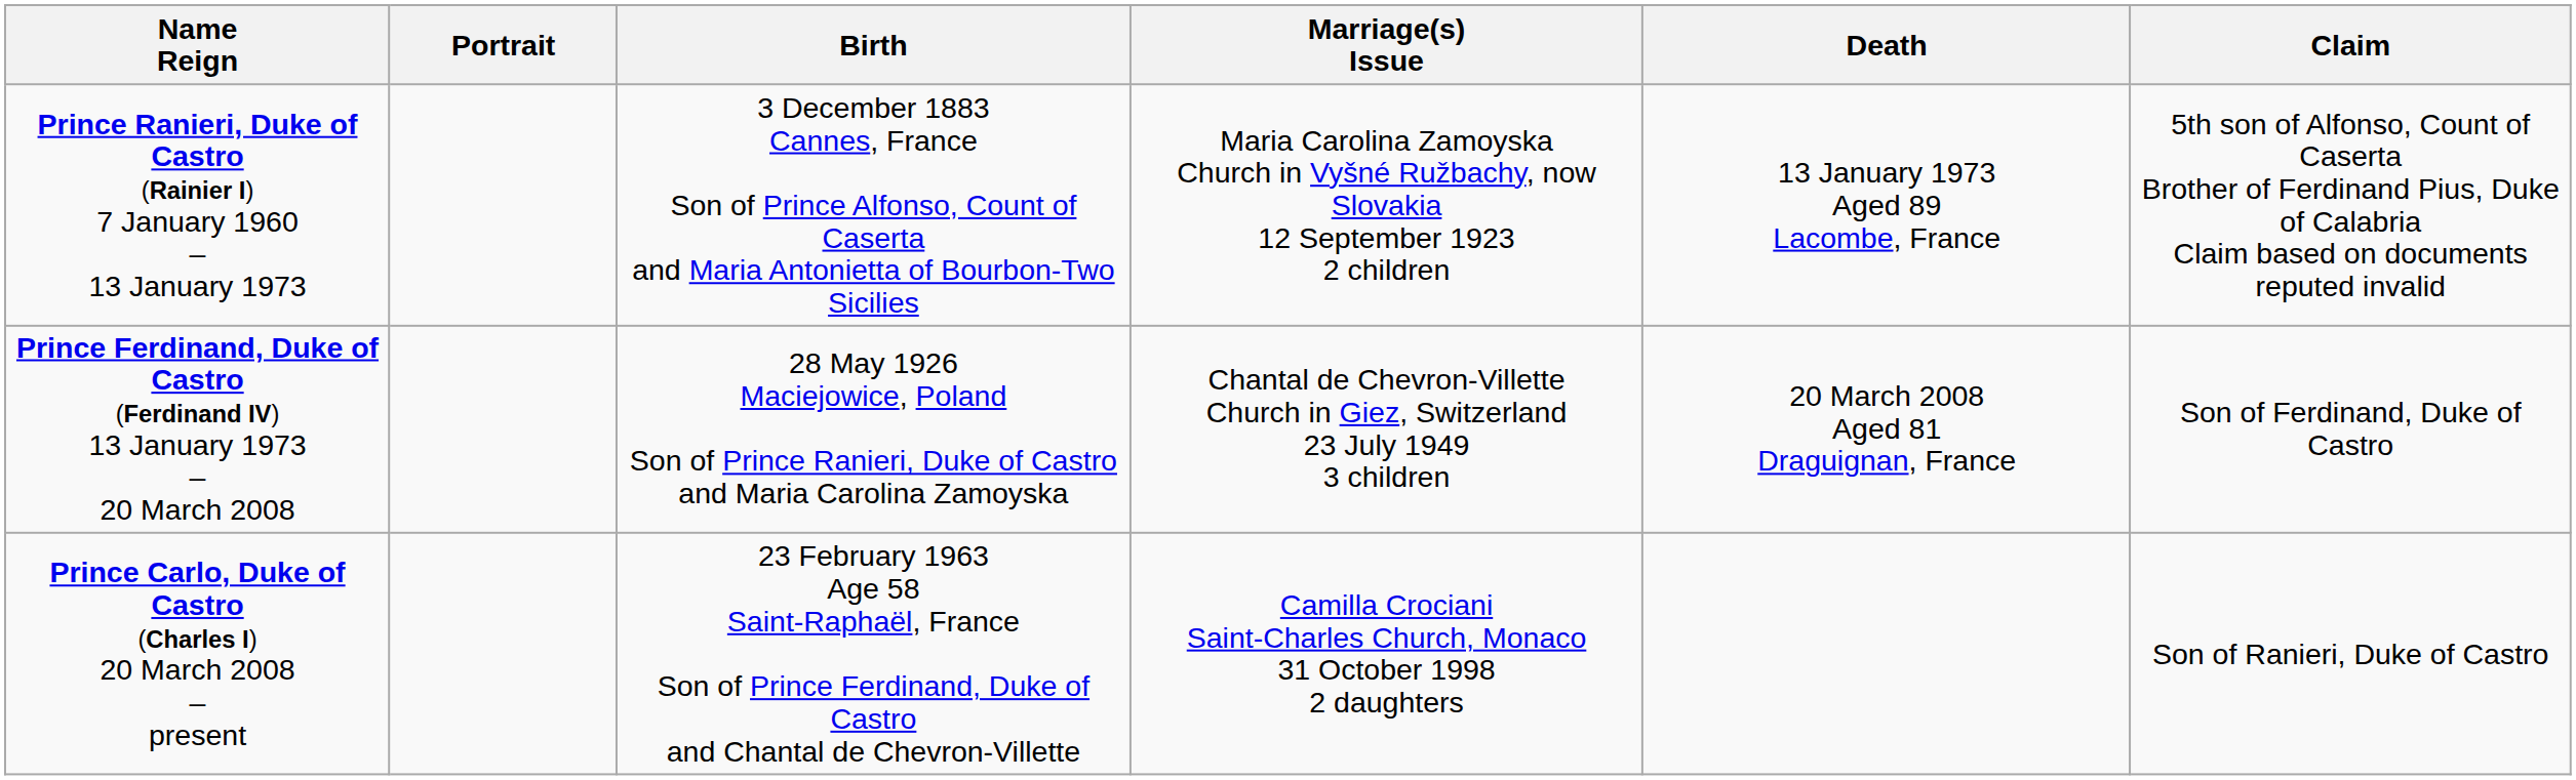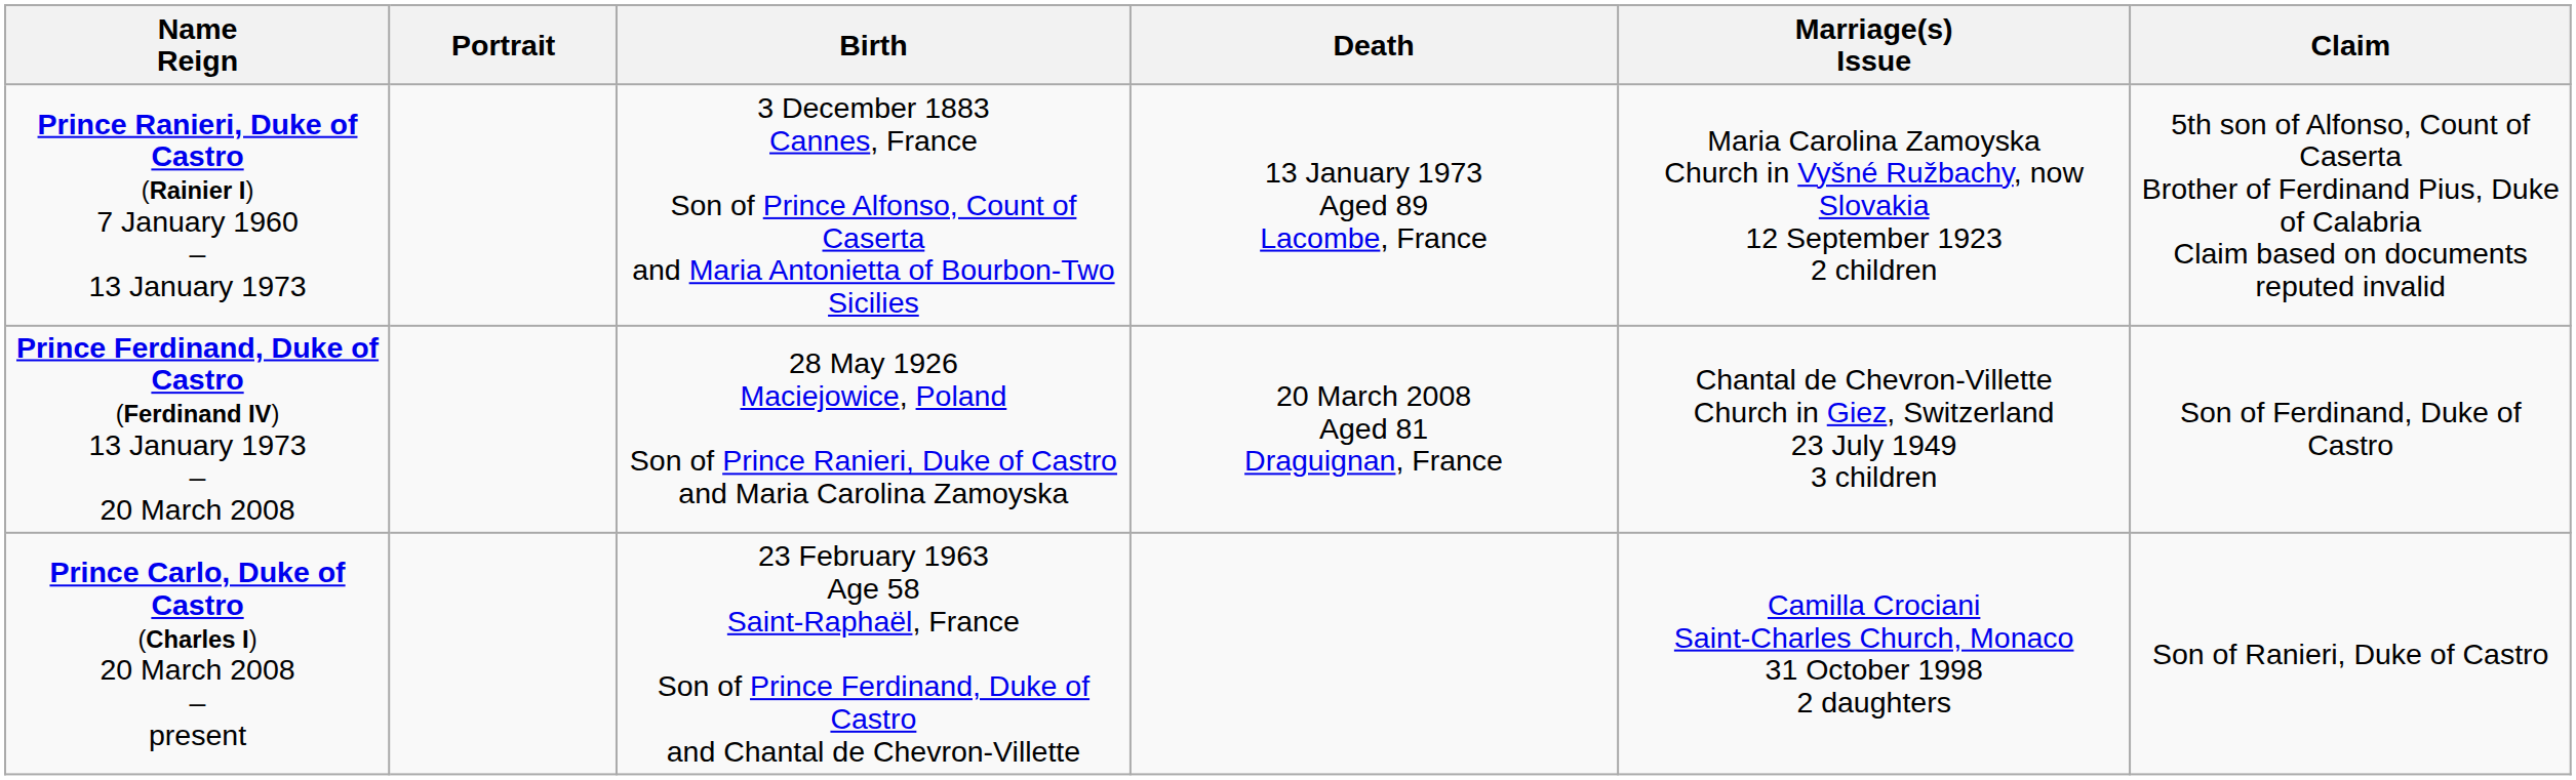 <table style="text-align:center; width:100%; font-size:90%" class="wikitable">
 <tr>
 <th width=15%>Name<br>Reign</th>
 <th width="105">Portrait</th>
 <th width=20%>Birth</th>
+<th width=19%>Death</th>
 <th width=20%>Marriage(s)<br>Issue</th>
-<th width=19%>Death</th>
 <th>Claim</th>
 </tr>
 <tr>
 <td><strong><a href='#'>Prince Ranieri, Duke of Castro</a></strong><br><small>(<strong>Rainier I</strong>)</small><br>7 January 1960<br>–<br>13 January 1973</td>
 <td></td>
 <td>3 December 1883<br><a href='#'>Cannes</a>, France<br><br>Son of <a href='#'>Prince Alfonso, Count of Caserta</a><br>and <a href='#'>Maria Antonietta of Bourbon-Two Sicilies</a></td>
+<td>13 January 1973<br>Aged 89<br><a href='#'>Lacombe</a>, France</td>
 <td>Maria Carolina Zamoyska<br>Church in <a href='#'>Vyšné Ružbachy</a>, now <a href='#'>Slovakia</a><br>12 September 1923<br>2 children</td>
-<td>13 January 1973<br>Aged 89<br><a href='#'>Lacombe</a>, France</td>
 <td>5th son of Alfonso, Count of Caserta<br>Brother of Ferdinand Pius, Duke of Calabria<br>Claim based on documents reputed invalid</td>
 </tr>
 <tr>
 <td><strong><a href='#'>Prince Ferdinand, Duke of Castro</a></strong><br><small>(<strong>Ferdinand IV</strong>)</small><br>13 January 1973<br>–<br>20 March 2008</td>
 <td></td>
 <td>28 May 1926<br><a href='#'>Maciejowice</a>, <a href='#'>Poland</a><br><br>Son of <a href='#'>Prince Ranieri, Duke of Castro</a><br>and Maria Carolina Zamoyska</td>
+<td>20 March 2008<br>Aged 81<br><a href='#'>Draguignan</a>, France</td>
 <td>Chantal de Chevron-Villette<br>Church in <a href='#'>Giez</a>, Switzerland<br>23 July 1949<br>3 children</td>
-<td>20 March 2008<br>Aged 81<br><a href='#'>Draguignan</a>, France</td>
 <td>Son of Ferdinand, Duke of Castro</td>
 </tr>
 <tr>
 <td><strong><a href='#'>Prince Carlo, Duke of Castro</a></strong><br><small>(<strong>Charles I</strong>)</small><br>20 March 2008<br>–<br>present</td>
 <td></td>
 <td>23 February 1963<br>Age 58<br><a href='#'>Saint-Raphaël</a>, France<br><br>Son of <a href='#'>Prince Ferdinand, Duke of Castro</a><br>and Chantal de Chevron-Villette</td>
+<td></td>
 <td><a href='#'>Camilla Crociani</a><br><a href='#'>Saint-Charles Church, Monaco</a><br>31 October 1998<br>2 daughters</td>
-<td></td>
 <td>Son of Ranieri, Duke of Castro</td>
 </tr>
 </table>
